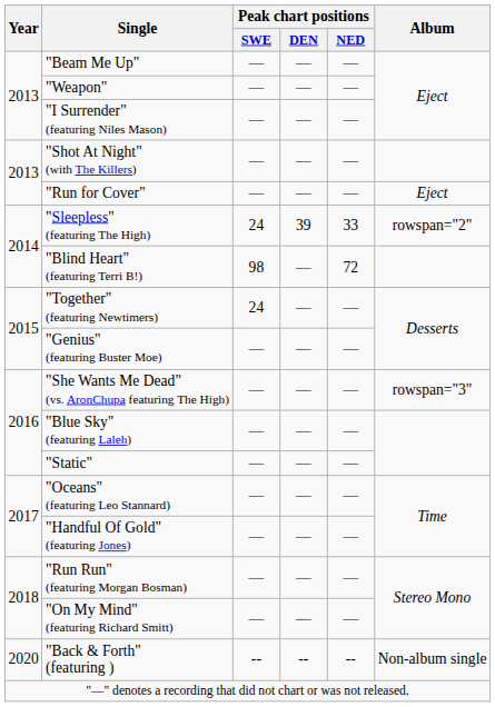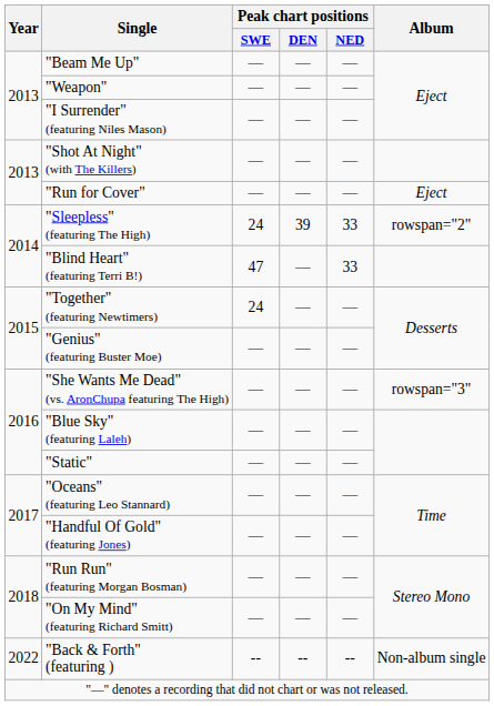 <table class="wikitable" style=text-align:center;>
 <tr>
 <th rowspan="2">Year</th>
 <th rowspan="2">Single</th>
 <th colspan="3">Peak chart positions</th>
 <th rowspan="2">Album</th>
 </tr>
 <tr>
 <th style="width:3em;font-size:90%"><a href='#'>SWE</a><br></th>
 <th style="width:3em;font-size:90%"><a href='#'>DEN</a><br></th>
 <th style="width:3em;font-size:90%"><a href='#'>NED</a><br></th>
 </tr>
 <tr>
 <td rowspan="3">2013</td>
 <td align="left">"Beam Me Up"</td>
 <td>—</td>
 <td>—</td>
 <td>—</td>
 <td rowspan="3"><em>Eject</em></td>
 </tr>
 <tr>
 <td align="left">"Weapon"</td>
 <td>—</td>
 <td>—</td>
 <td>—</td>
 </tr>
 <tr>
 <td align="left">"I Surrender"<br><small>(featuring Niles Mason)</small></td>
 <td>—</td>
 <td>—</td>
 <td>—</td>
 </tr>
 <tr>
 <td rowspan="2">2013</td>
 <td align="left">"Shot At Night"<br><small>(with <a href='#'>The Killers</a>)</small></td>
 <td>—</td>
 <td>—</td>
 <td>—</td>
 <td></td>
 </tr>
 <tr>
 <td align="left">"Run for Cover"</td>
 <td>—</td>
 <td>—</td>
 <td>—</td>
 <td><em>Eject</em></td>
 </tr>
 <tr>
 <td rowspan="2">2014</td>
 <td align="left">"<a href='#'>Sleepless</a>"<br><small>(featuring The High)</small></td>
 <td>24</td>
 <td>39</td>
 <td>33</td>
 <td>rowspan="2" </td>
 </tr>
 <tr>
 <td align="left">"Blind Heart"<br><small>(featuring Terri B!)</small></td>
-<td>98</td>
+<td>47</td>
 <td>—</td>
-<td>72</td>
+<td>33</td>
 </tr>
 <tr>
 <td rowspan="2">2015</td>
 <td align="left">"Together"<br><small>(featuring Newtimers)</small></td>
 <td>24</td>
 <td>—</td>
 <td>—</td>
 <td rowspan="2"><em>Desserts</em></td>
 </tr>
 <tr>
 <td align="left">"Genius"<br><small>(featuring Buster Moe)</small></td>
 <td>—</td>
 <td>—</td>
 <td>—</td>
 </tr>
 <tr>
 <td rowspan="3">2016</td>
 <td align="left">"She Wants Me Dead"<br><small>(vs. <a href='#'>AronChupa</a> featuring The High)</small></td>
 <td>—</td>
 <td>—</td>
 <td>—</td>
 <td>rowspan="3" </td>
 </tr>
 <tr>
 <td align="left">"Blue Sky"<br><small>(featuring <a href='#'>Laleh</a>)</small></td>
 <td>—</td>
 <td>—</td>
 <td>—</td>
 </tr>
 <tr>
 <td align="left">"Static"</td>
 <td>—</td>
 <td>—</td>
 <td>—</td>
 </tr>
 <tr>
 <td rowspan="2">2017</td>
 <td align="left">"Oceans"<br><small>(featuring Leo Stannard)</small></td>
 <td>—</td>
 <td>—</td>
 <td>—</td>
 <td rowspan="2"><em>Time</em></td>
 </tr>
 <tr>
 <td align="left">"Handful Of Gold"<br><small>(featuring <a href='#'>Jones</a>)</small></td>
 <td>—</td>
 <td>—</td>
 <td>—</td>
 </tr>
 <tr>
 <td rowspan="2">2018</td>
 <td align="left">"Run Run" <br><small>(featuring Morgan Bosman)</small></td>
 <td>—</td>
 <td>—</td>
 <td>—</td>
 <td rowspan="2"><em>Stereo Mono</em></td>
 </tr>
 <tr>
 <td align="left">"On My Mind" <br><small>(featuring Richard Smitt)</small></td>
 <td>—</td>
 <td>—</td>
 <td>—</td>
 </tr>
 <tr>
-<td>2020</td>
+<td>2022</td>
 <td align="left">"Back & Forth"<br>(featuring )</td>
 <td>--</td>
 <td>--</td>
 <td>--</td>
 <td>Non-album single</td>
 </tr>
 <tr>
 <td colspan="6" style="font-size:85%">"—" denotes a recording that did not chart or was not released.</td>
 </tr>
 </table>
